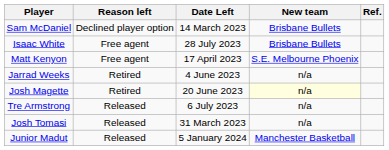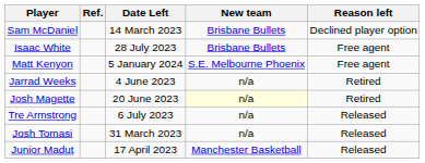 <table class="wikitable sortable sortable" style="text-align: center">
 <tr>
 <th>Player</th>
-<th>Reason left</th>
+<th>Ref.</th>
 <th>Date Left</th>
 <th>New team</th>
-<th>Ref.</th>
+<th>Reason left</th>
 </tr>
 <tr>
 <td><a href='#'>Sam McDaniel</a></td>
-<td>Declined player option</td>
+<td></td>
 <td>14 March 2023</td>
 <td><a href='#'>Brisbane Bullets</a></td>
-<td></td>
+<td>Declined player option</td>
 </tr>
 <tr>
 <td><a href='#'>Isaac White</a></td>
-<td>Free agent</td>
+<td></td>
 <td>28 July 2023</td>
 <td><a href='#'>Brisbane Bullets</a></td>
-<td></td>
+<td>Free agent</td>
 </tr>
 <tr>
 <td><a href='#'>Matt Kenyon</a></td>
+<td></td>
+<td>5 January 2024</td>
+<td><a href='#'>S.E. Melbourne Phoenix</a></td>
 <td>Free agent</td>
-<td>17 April 2023</td>
-<td><a href='#'>S.E. Melbourne Phoenix</a></td>
-<td></td>
 </tr>
 <tr>
 <td><a href='#'>Jarrad Weeks</a></td>
-<td>Retired</td>
+<td></td>
 <td>4 June 2023</td>
 <td>n/a</td>
-<td></td>
+<td>Retired</td>
 </tr>
 <tr>
 <td><a href='#'>Josh Magette</a></td>
-<td>Retired</td>
+<td></td>
 <td>20 June 2023</td>
 <td style="background: lightyellow;">n/a</td>
-<td></td>
+<td>Retired</td>
 </tr>
 <tr>
 <td><a href='#'>Tre Armstrong</a></td>
-<td>Released</td>
+<td></td>
 <td>6 July 2023</td>
 <td>n/a</td>
-<td></td>
+<td>Released</td>
 </tr>
 <tr>
 <td><a href='#'>Josh Tomasi</a></td>
-<td>Released</td>
+<td></td>
 <td>31 March 2023</td>
 <td>n/a</td>
-<td></td>
+<td>Released</td>
 </tr>
 <tr>
 <td><a href='#'>Junior Madut</a></td>
+<td></td>
+<td>17 April 2023</td>
+<td><a href='#'>Manchester Basketball</a></td>
 <td>Released</td>
-<td>5 January 2024</td>
-<td><a href='#'>Manchester Basketball</a></td>
-<td></td>
 </tr>
 </table>
